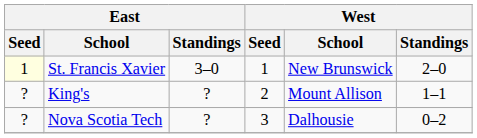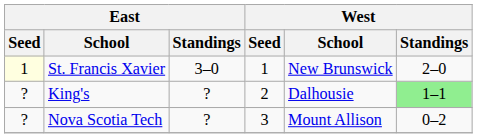 <table class="wikitable">
 <tr>
 <th colspan=3>East</th>
 <th colspan=3>West</th>
 </tr>
 <tr>
 <th>Seed</th>
 <th>School</th>
 <th>Standings</th>
 <th>Seed</th>
 <th>School</th>
 <th>Standings</th>
 </tr>
 <tr>
 <td align=center style="background: lightyellow;">1</td>
 <td><a href='#'>St. Francis Xavier</a></td>
 <td align=center>3–0</td>
 <td align=center>1</td>
 <td><a href='#'>New Brunswick</a></td>
 <td align=center>2–0</td>
 </tr>
 <tr>
 <td align=center>?</td>
 <td><a href='#'>King's</a></td>
 <td align=center>?</td>
 <td align=center>2</td>
-<td><a href='#'>Mount Allison</a></td>
-<td align=center>1–1</td>
+<td><a href='#'>Dalhousie</a></td>
+<td align=center style="background: lightgreen;">1–1</td>
 </tr>
 <tr>
 <td align=center>?</td>
 <td><a href='#'>Nova Scotia Tech</a></td>
 <td align=center>?</td>
 <td align=center>3</td>
-<td><a href='#'>Dalhousie</a></td>
+<td><a href='#'>Mount Allison</a></td>
 <td align=center>0–2</td>
 </tr>
 <tr>
 </tr>
 </table>
